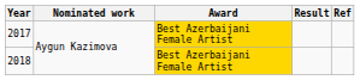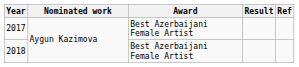 <table class="wikitable" style="width:75%;">
 <tr>
 <th width=5%>Year</th>
 <th style="width:40%;">Nominated work</th>
 <th style="width:45%;">Award</th>
 <th style="width:10%;">Result</th>
 <th style="width:5%;">Ref</th>
 </tr>
 <tr>
 <td>2017</td>
 <td rowspan="2">Aygun Kazimova</td>
-<td style="background: gold;">Best Azerbaijani Female Artist</td>
+<td>Best Azerbaijani Female Artist</td>
 <td></td>
 <td style="text-align:center;"></td>
 </tr>
 <tr>
 <td>2018</td>
-<td style="background: gold;">Best Azerbaijani Female Artist</td>
+<td>Best Azerbaijani Female Artist</td>
 <td></td>
 <td style="text-align:center;"></td>
 </tr>
 </table>
